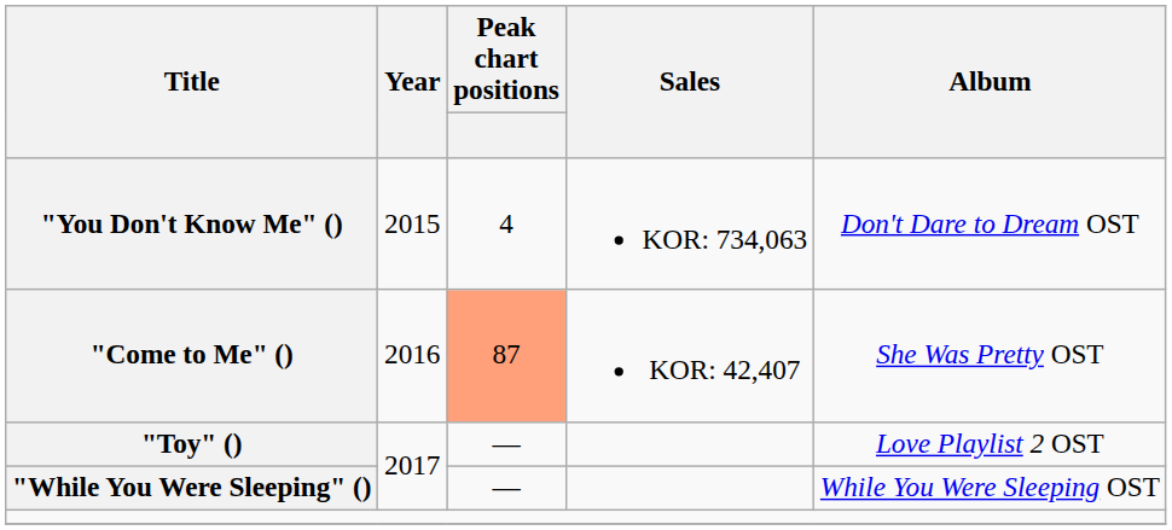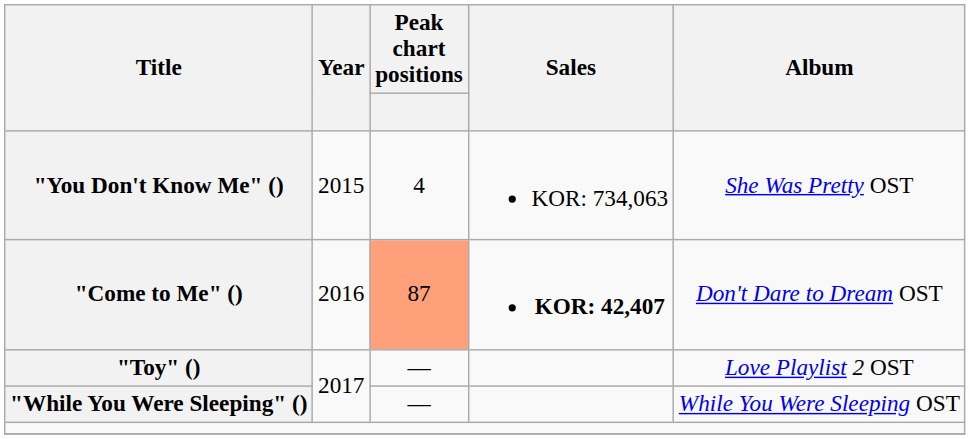 <table class="wikitable plainrowheaders" style="text-align:center;">
 <tr>
 <th scope="col" rowspan="2">Title</th>
 <th scope="col" rowspan="2">Year</th>
 <th scope="col" colspan="1">Peak chart positions</th>
 <th scope="col" rowspan="2">Sales</th>
 <th scope="col" rowspan="2">Album</th>
 </tr>
 <tr>
 <th style="width:3em"><br></th>
 </tr>
 <tr>
 <th scope="row">"You Don't Know Me" ()<br></th>
 <td>2015</td>
 <td>4</td>
 <td><br><ul><li>KOR: 734,063</li></ul></td>
-<td><em><a href='#'>Don't Dare to Dream</a></em> OST</td>
+<td><em><a href='#'>She Was Pretty</a></em> OST</td>
 </tr>
 <tr>
 <th scope="row">"Come to Me" ()</th>
 <td>2016</td>
 <td style="background: lightsalmon;">87</td>
-<td><br><ul><li>KOR: 42,407</li></ul></td>
-<td><em><a href='#'>She Was Pretty</a></em> OST</td>
+<td><strong><br><ul><li>KOR: 42,407</li></ul></strong></td>
+<td><em><a href='#'>Don't Dare to Dream</a></em> OST</td>
 </tr>
 <tr>
 <th scope="row">"Toy" ()<br></th>
 <td rowspan="2">2017</td>
 <td>—</td>
 <td></td>
 <td><em><a href='#'>Love Playlist</a> 2</em> OST</td>
 </tr>
 <tr>
 <th scope="row">"While You Were Sleeping" ()<br></th>
 <td>—</td>
 <td></td>
 <td><em><a href='#'>While You Were Sleeping</a></em> OST</td>
 </tr>
 <tr>
 <td colspan="5"></td>
 </tr>
 <tr>
 </tr>
 </table>
